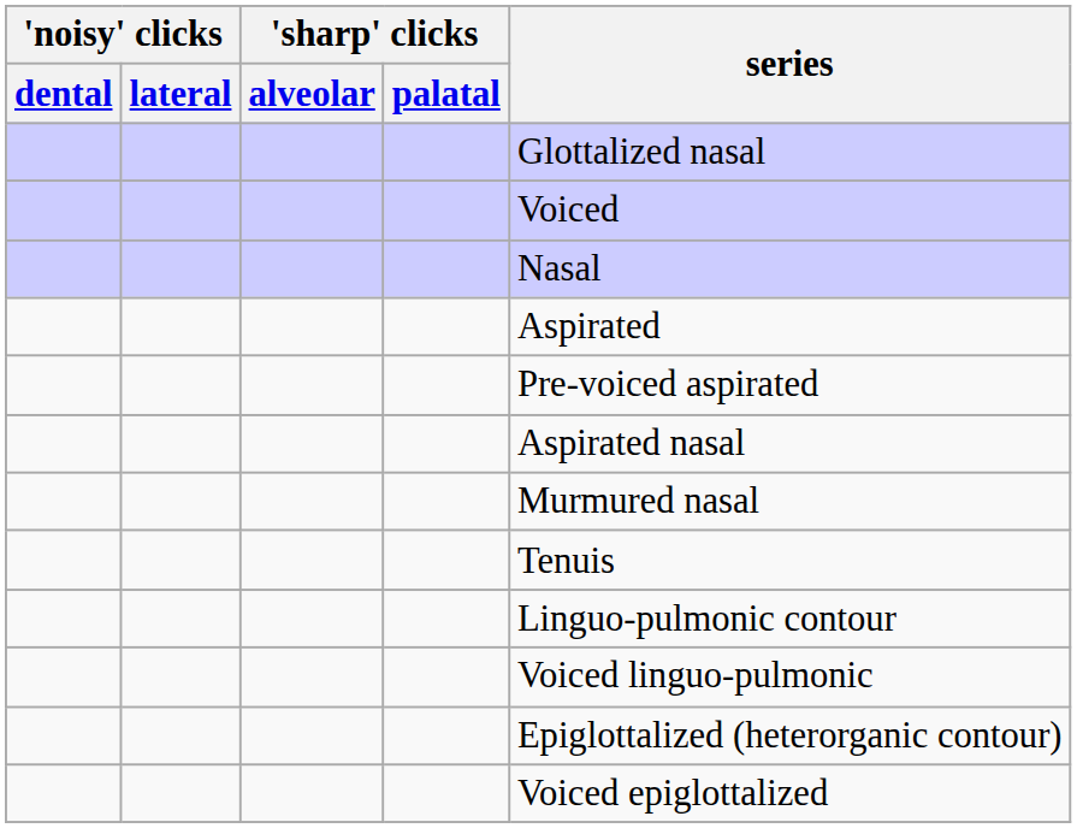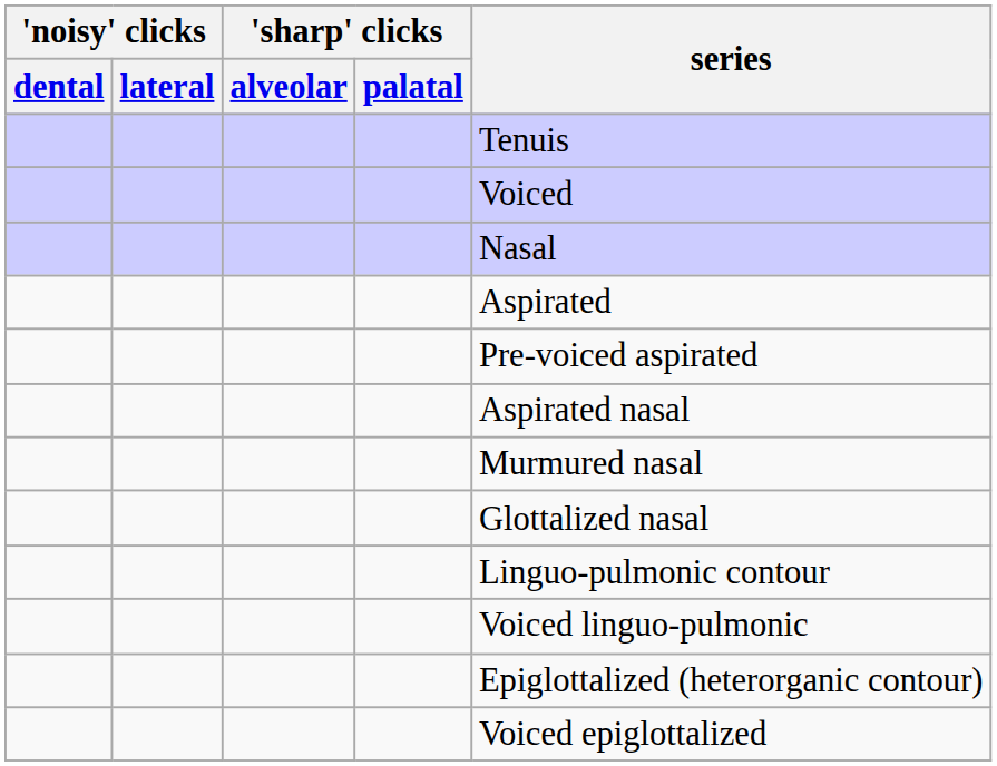 <table class=wikitable>
 <tr>
 <th colspan=2>'noisy' clicks</th>
 <th colspan=2>'sharp' clicks</th>
 <th rowspan=2>series</th>
 </tr>
 <tr>
 <th><a href='#'>dental</a></th>
 <th><a href='#'>lateral</a></th>
 <th><a href='#'>alveolar</a></th>
 <th><a href='#'>palatal</a></th>
 </tr>
 <tr bgcolor="#ccccff">
 <td></td>
 <td></td>
 <td></td>
 <td></td>
-<td>Glottalized nasal</td>
+<td>Tenuis</td>
 </tr>
 <tr bgcolor="#ccccff">
 <td></td>
 <td></td>
 <td></td>
 <td></td>
 <td>Voiced</td>
 </tr>
 <tr bgcolor="#ccccff">
 <td></td>
 <td></td>
 <td></td>
 <td></td>
 <td>Nasal</td>
 </tr>
 <tr>
 <td></td>
 <td></td>
 <td></td>
 <td></td>
 <td>Aspirated</td>
 </tr>
 <tr>
 <td></td>
 <td></td>
 <td></td>
 <td></td>
 <td>Pre-voiced aspirated</td>
 </tr>
 <tr>
 <td></td>
 <td></td>
 <td></td>
 <td></td>
 <td>Aspirated nasal</td>
 </tr>
 <tr>
 <td></td>
 <td></td>
 <td></td>
 <td></td>
 <td>Murmured nasal</td>
 </tr>
 <tr>
 <td></td>
 <td></td>
 <td></td>
 <td></td>
-<td>Tenuis</td>
+<td>Glottalized nasal</td>
 </tr>
 <tr>
 <td></td>
 <td></td>
 <td></td>
 <td></td>
 <td>Linguo-pulmonic contour</td>
 </tr>
 <tr>
 <td></td>
 <td></td>
 <td></td>
 <td></td>
 <td>Voiced linguo-pulmonic</td>
 </tr>
 <tr>
 <td></td>
 <td></td>
 <td></td>
 <td></td>
 <td>Epiglottalized (heterorganic contour)</td>
 </tr>
 <tr>
 <td></td>
 <td></td>
 <td></td>
 <td></td>
 <td>Voiced epiglottalized</td>
 </tr>
 </table>
